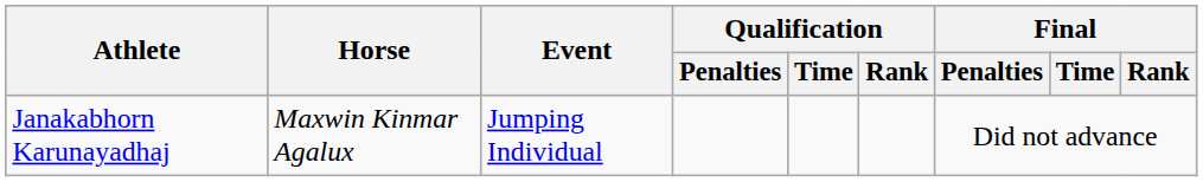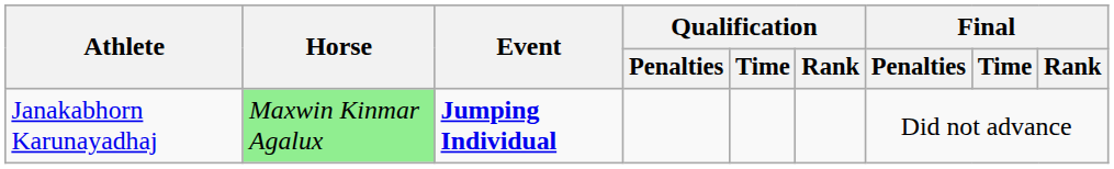 <table class="wikitable" style="font-size:90%">
 <tr>
 <th rowspan="2">Athlete</th>
 <th rowspan="2">Horse</th>
 <th rowspan="2">Event</th>
 <th colspan="3">Qualification</th>
 <th colspan="3">Final</th>
 </tr>
 <tr style="font-size:95%">
 <th>Penalties</th>
 <th>Time</th>
 <th>Rank</th>
 <th>Penalties</th>
 <th>Time</th>
 <th>Rank</th>
 </tr>
 <tr align=center>
 <td align=left><a href='#'>Janakabhorn Karunayadhaj</a></td>
-<td align=left><em>Maxwin Kinmar Agalux</em></td>
-<td align=left><a href='#'>Jumping Individual</a></td>
+<td align=left style="background: lightgreen;"><em>Maxwin Kinmar Agalux</em></td>
+<td align=left><strong><a href='#'>Jumping Individual</a></strong></td>
 <td></td>
 <td></td>
 <td></td>
 <td colspan=3>Did not advance</td>
 </tr>
 </table>
